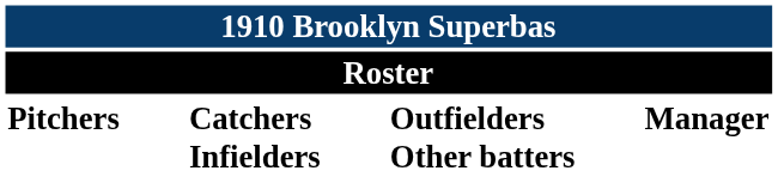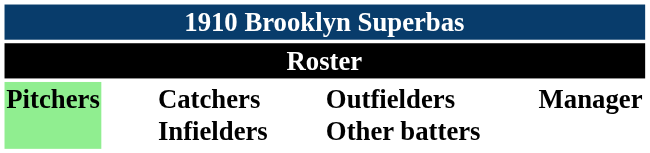 <table class="toccolours" style="font-size: 95%;">
 <tr>
 <th colspan="10" style="background-color: #083c6b; color: white; text-align: center;">1910 Brooklyn Superbas</th>
 </tr>
 <tr>
 <td colspan="10" style="background-color: black; color: white; text-align: center;"><strong>Roster</strong></td>
 </tr>
 <tr>
-<td valign="top"><strong>Pitchers</strong><br>          </td>
+<td valign="top" style="background: lightgreen;"><strong>Pitchers</strong><br>          </td>
 <td width="25px"></td>
 <td valign="top"><strong>Catchers</strong><br>   <strong>Infielders</strong>       </td>
 <td width="25px"></td>
 <td valign="top"><strong>Outfielders</strong><br>        <strong>Other batters</strong>  </td>
 <td width="25px"></td>
 <td valign="top"><strong>Manager</strong><br></td>
 </tr>
 </table>
